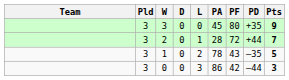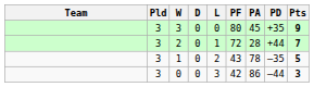 <table class="wikitable" style="text-align:center;">
 <tr>
 <th width="190">Team</th>
 <th width="20" abbr="Played">Pld</th>
 <th width="20" abbr="Won">W</th>
 <th width="20" abbr="Drawn">D</th>
 <th width="20" abbr="Lost">L</th>
+<th width="20" abbr="Points for">PF</th>
 <th width="20" abbr="Points against">PA</th>
-<th width="20" abbr="Points for">PF</th>
 <th width="25" abbr="Points difference">PD</th>
 <th width="20" abbr="Points">Pts</th>
 </tr>
 <tr style="background:#ccffcc">
 <td align="left"></td>
 <td>3</td>
 <td>3</td>
 <td>0</td>
 <td>0</td>
+<td>80</td>
 <td>45</td>
-<td>80</td>
 <td>+35</td>
 <td><strong>9</strong></td>
 </tr>
 <tr style="background:#ccffcc">
 <td align="left"></td>
 <td>3</td>
 <td>2</td>
 <td>0</td>
 <td>1</td>
+<td>72</td>
 <td>28</td>
-<td>72</td>
 <td>+44</td>
 <td><strong>7</strong></td>
 </tr>
 <tr>
 <td align="left"></td>
 <td>3</td>
 <td>1</td>
 <td>0</td>
 <td>2</td>
+<td>43</td>
 <td>78</td>
-<td>43</td>
 <td>–35</td>
 <td><strong>5</strong></td>
 </tr>
 <tr>
 <td align="left"></td>
 <td>3</td>
 <td>0</td>
 <td>0</td>
 <td>3</td>
+<td>42</td>
 <td>86</td>
-<td>42</td>
 <td>–44</td>
 <td><strong>3</strong></td>
 </tr>
 </table>
